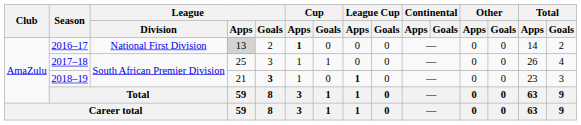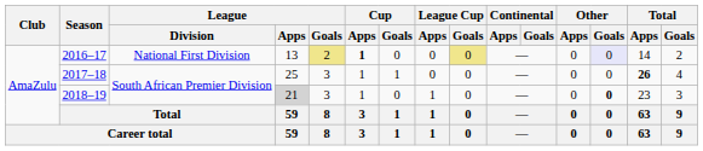 <table class="wikitable" style="text-align:center">
 <tr>
 <th rowspan="2">Club</th>
 <th rowspan="2">Season</th>
 <th colspan="3">League</th>
 <th colspan="2">Cup</th>
 <th colspan="2">League Cup</th>
 <th colspan="2">Continental</th>
 <th colspan="2">Other</th>
 <th colspan="2">Total</th>
 </tr>
 <tr>
 <th>Division</th>
 <th>Apps</th>
 <th>Goals</th>
 <th>Apps</th>
 <th>Goals</th>
 <th>Apps</th>
 <th>Goals</th>
 <th>Apps</th>
 <th>Goals</th>
 <th>Apps</th>
 <th>Goals</th>
 <th>Apps</th>
 <th>Goals</th>
 </tr>
 <tr>
 <td rowspan="4"><a href='#'>AmaZulu</a></td>
 <td><a href='#'>2016–17</a></td>
 <td><a href='#'>National First Division</a></td>
-<td style="background: lightgrey;">13</td>
-<td>2</td>
+<td>13</td>
+<td style="background: khaki;">2</td>
 <td><strong>1</strong></td>
 <td>0</td>
 <td>0</td>
-<td>0</td>
+<td style="background: khaki;">0</td>
 <td colspan="2">—</td>
 <td>0</td>
-<td>0</td>
+<td style="background: lavender;">0</td>
 <td>14</td>
 <td>2</td>
 </tr>
 <tr>
 <td><a href='#'>2017–18</a></td>
 <td rowspan="2"><a href='#'>South African Premier Division</a></td>
 <td>25</td>
 <td>3</td>
 <td>1</td>
 <td>1</td>
 <td>0</td>
 <td>0</td>
 <td colspan="2">—</td>
 <td>0</td>
 <td>0</td>
-<td>26</td>
+<td><strong>26</strong></td>
 <td>4</td>
 </tr>
 <tr>
 <td><a href='#'>2018–19</a></td>
-<td>21</td>
-<td><strong>3</strong></td>
+<td style="background: lightgrey;">21</td>
+<td>3</td>
 <td>1</td>
 <td>0</td>
-<td><strong>1</strong></td>
+<td>1</td>
 <td>0</td>
 <td colspan="2">—</td>
 <td>0</td>
-<td>0</td>
+<td><strong>0</strong></td>
 <td>23</td>
 <td>3</td>
 </tr>
 <tr>
 <th colspan="2">Total</th>
 <th>59</th>
 <th>8</th>
 <th>3</th>
 <th>1</th>
 <th>1</th>
 <th>0</th>
 <th colspan="2">—</th>
 <th>0</th>
 <th>0</th>
 <th>63</th>
 <th>9</th>
 </tr>
 <tr>
 <th colspan="3">Career total</th>
 <th>59</th>
 <th>8</th>
 <th>3</th>
 <th>1</th>
 <th>1</th>
 <th>0</th>
 <th colspan="2">—</th>
 <th>0</th>
 <th>0</th>
 <th>63</th>
 <th>9</th>
 </tr>
 </table>
